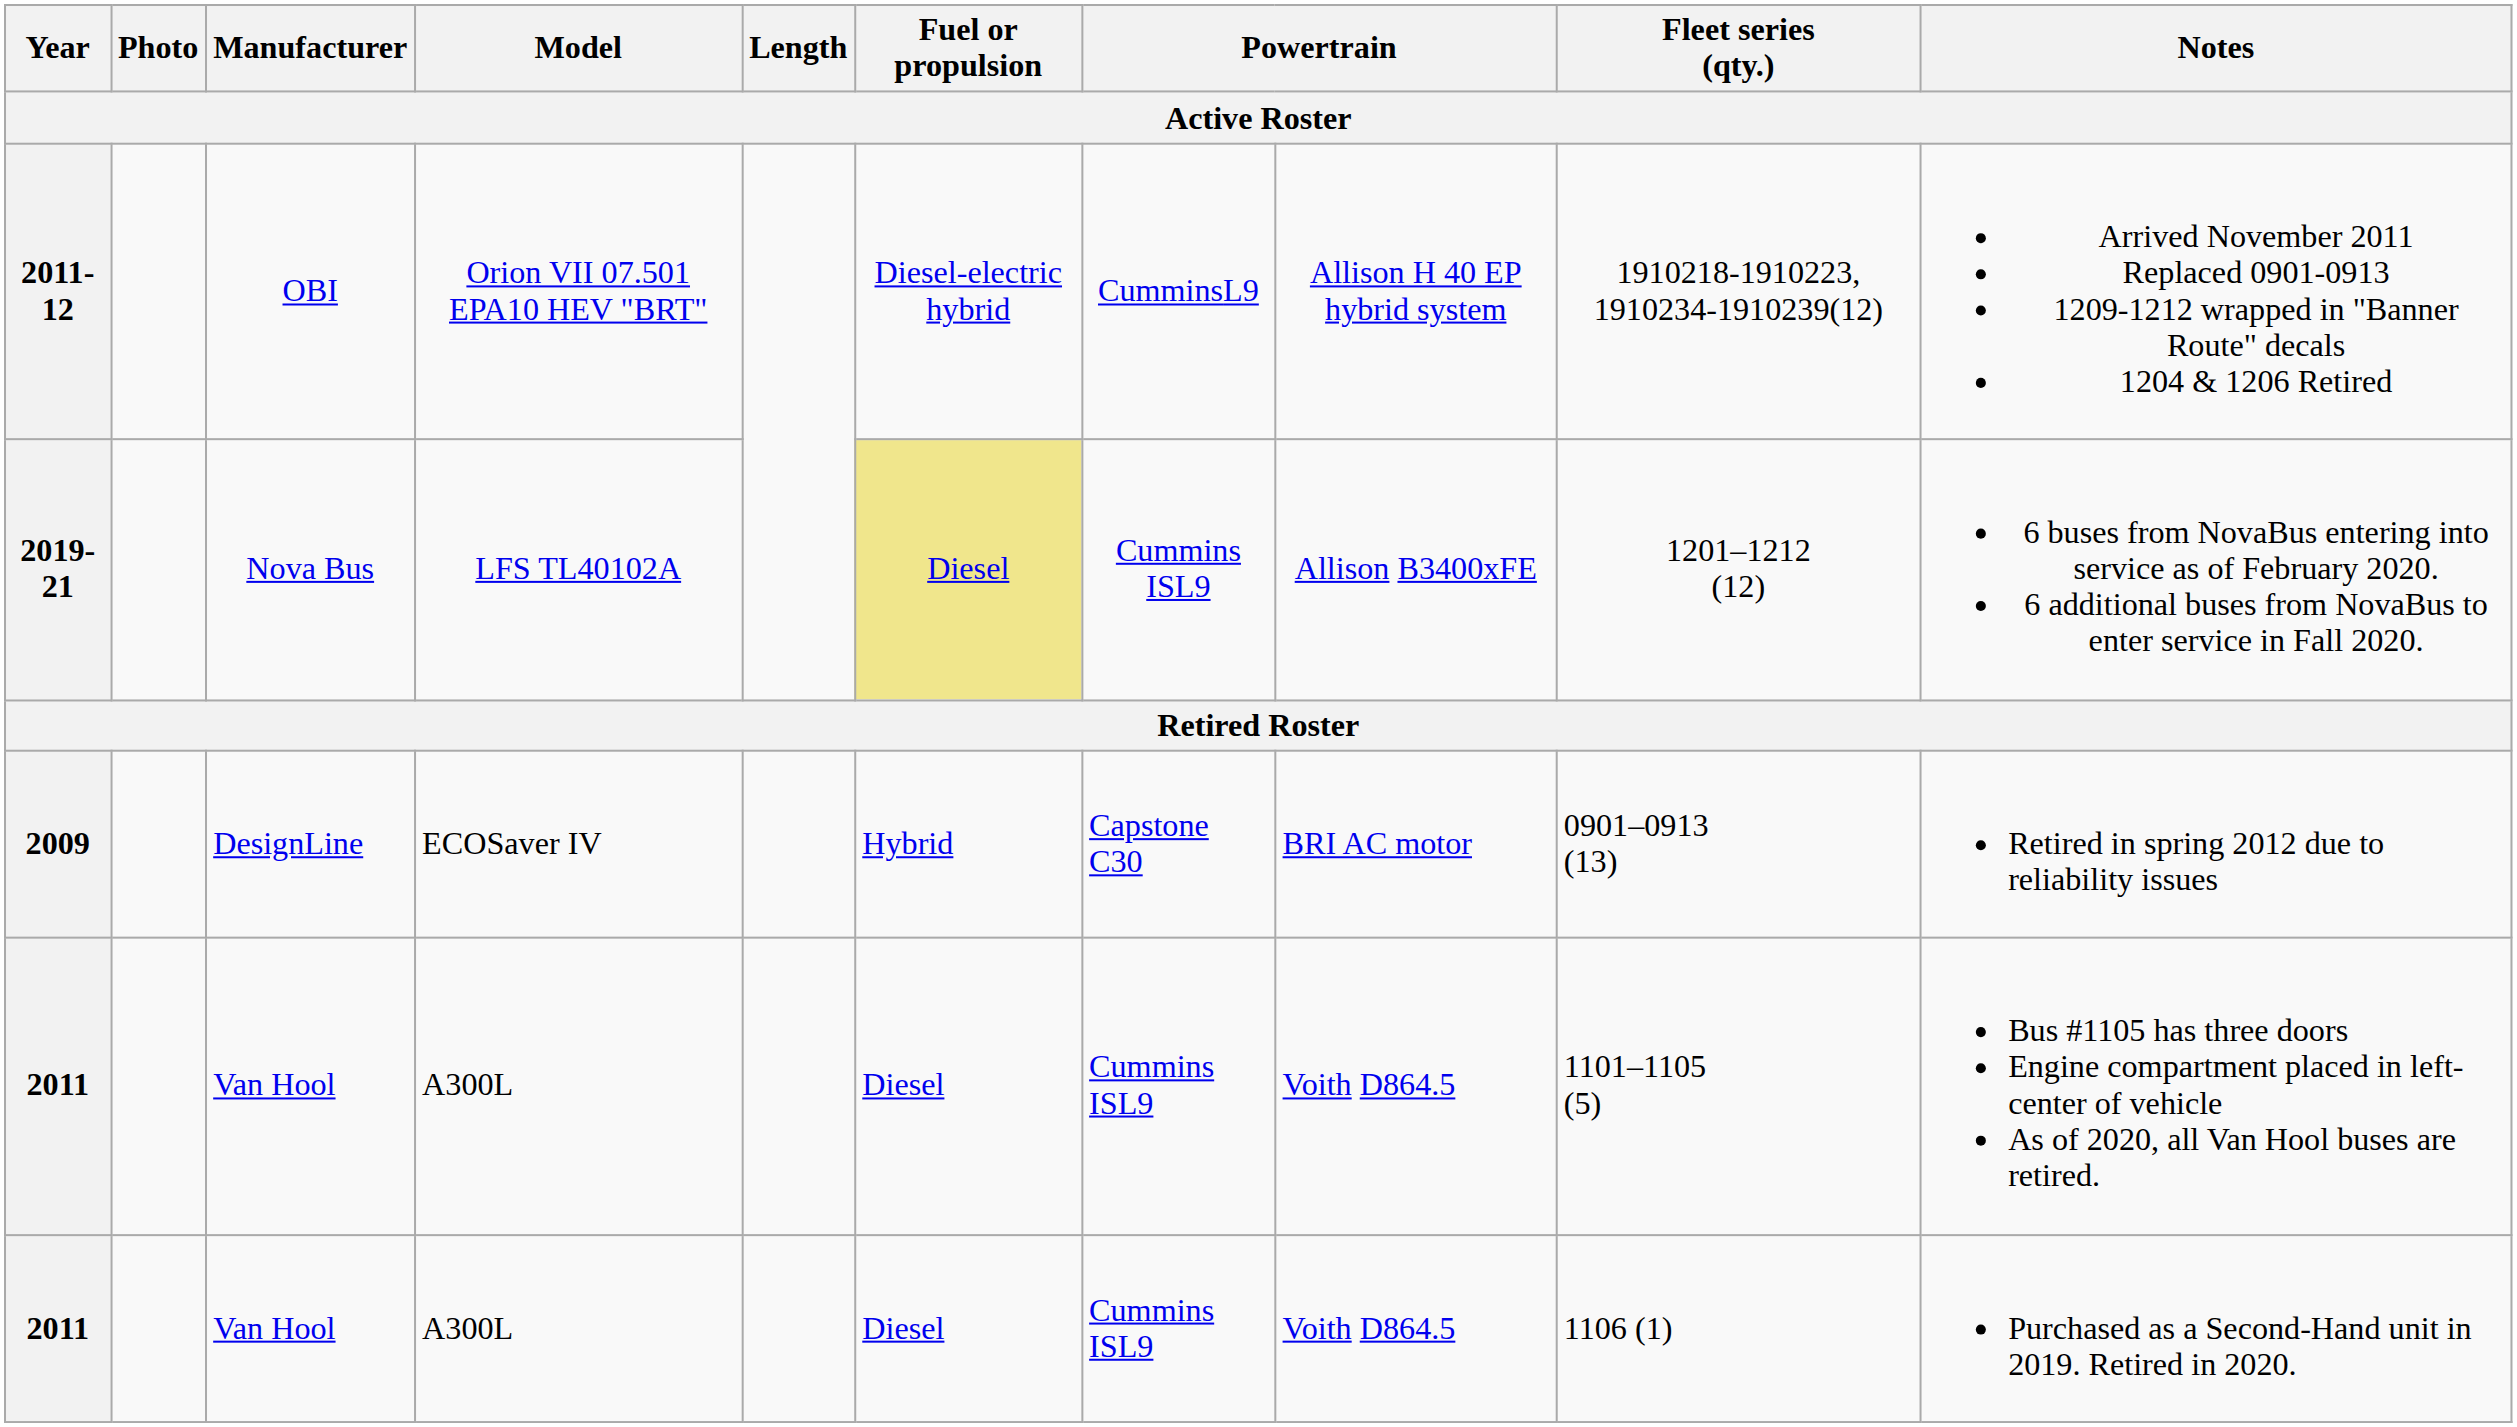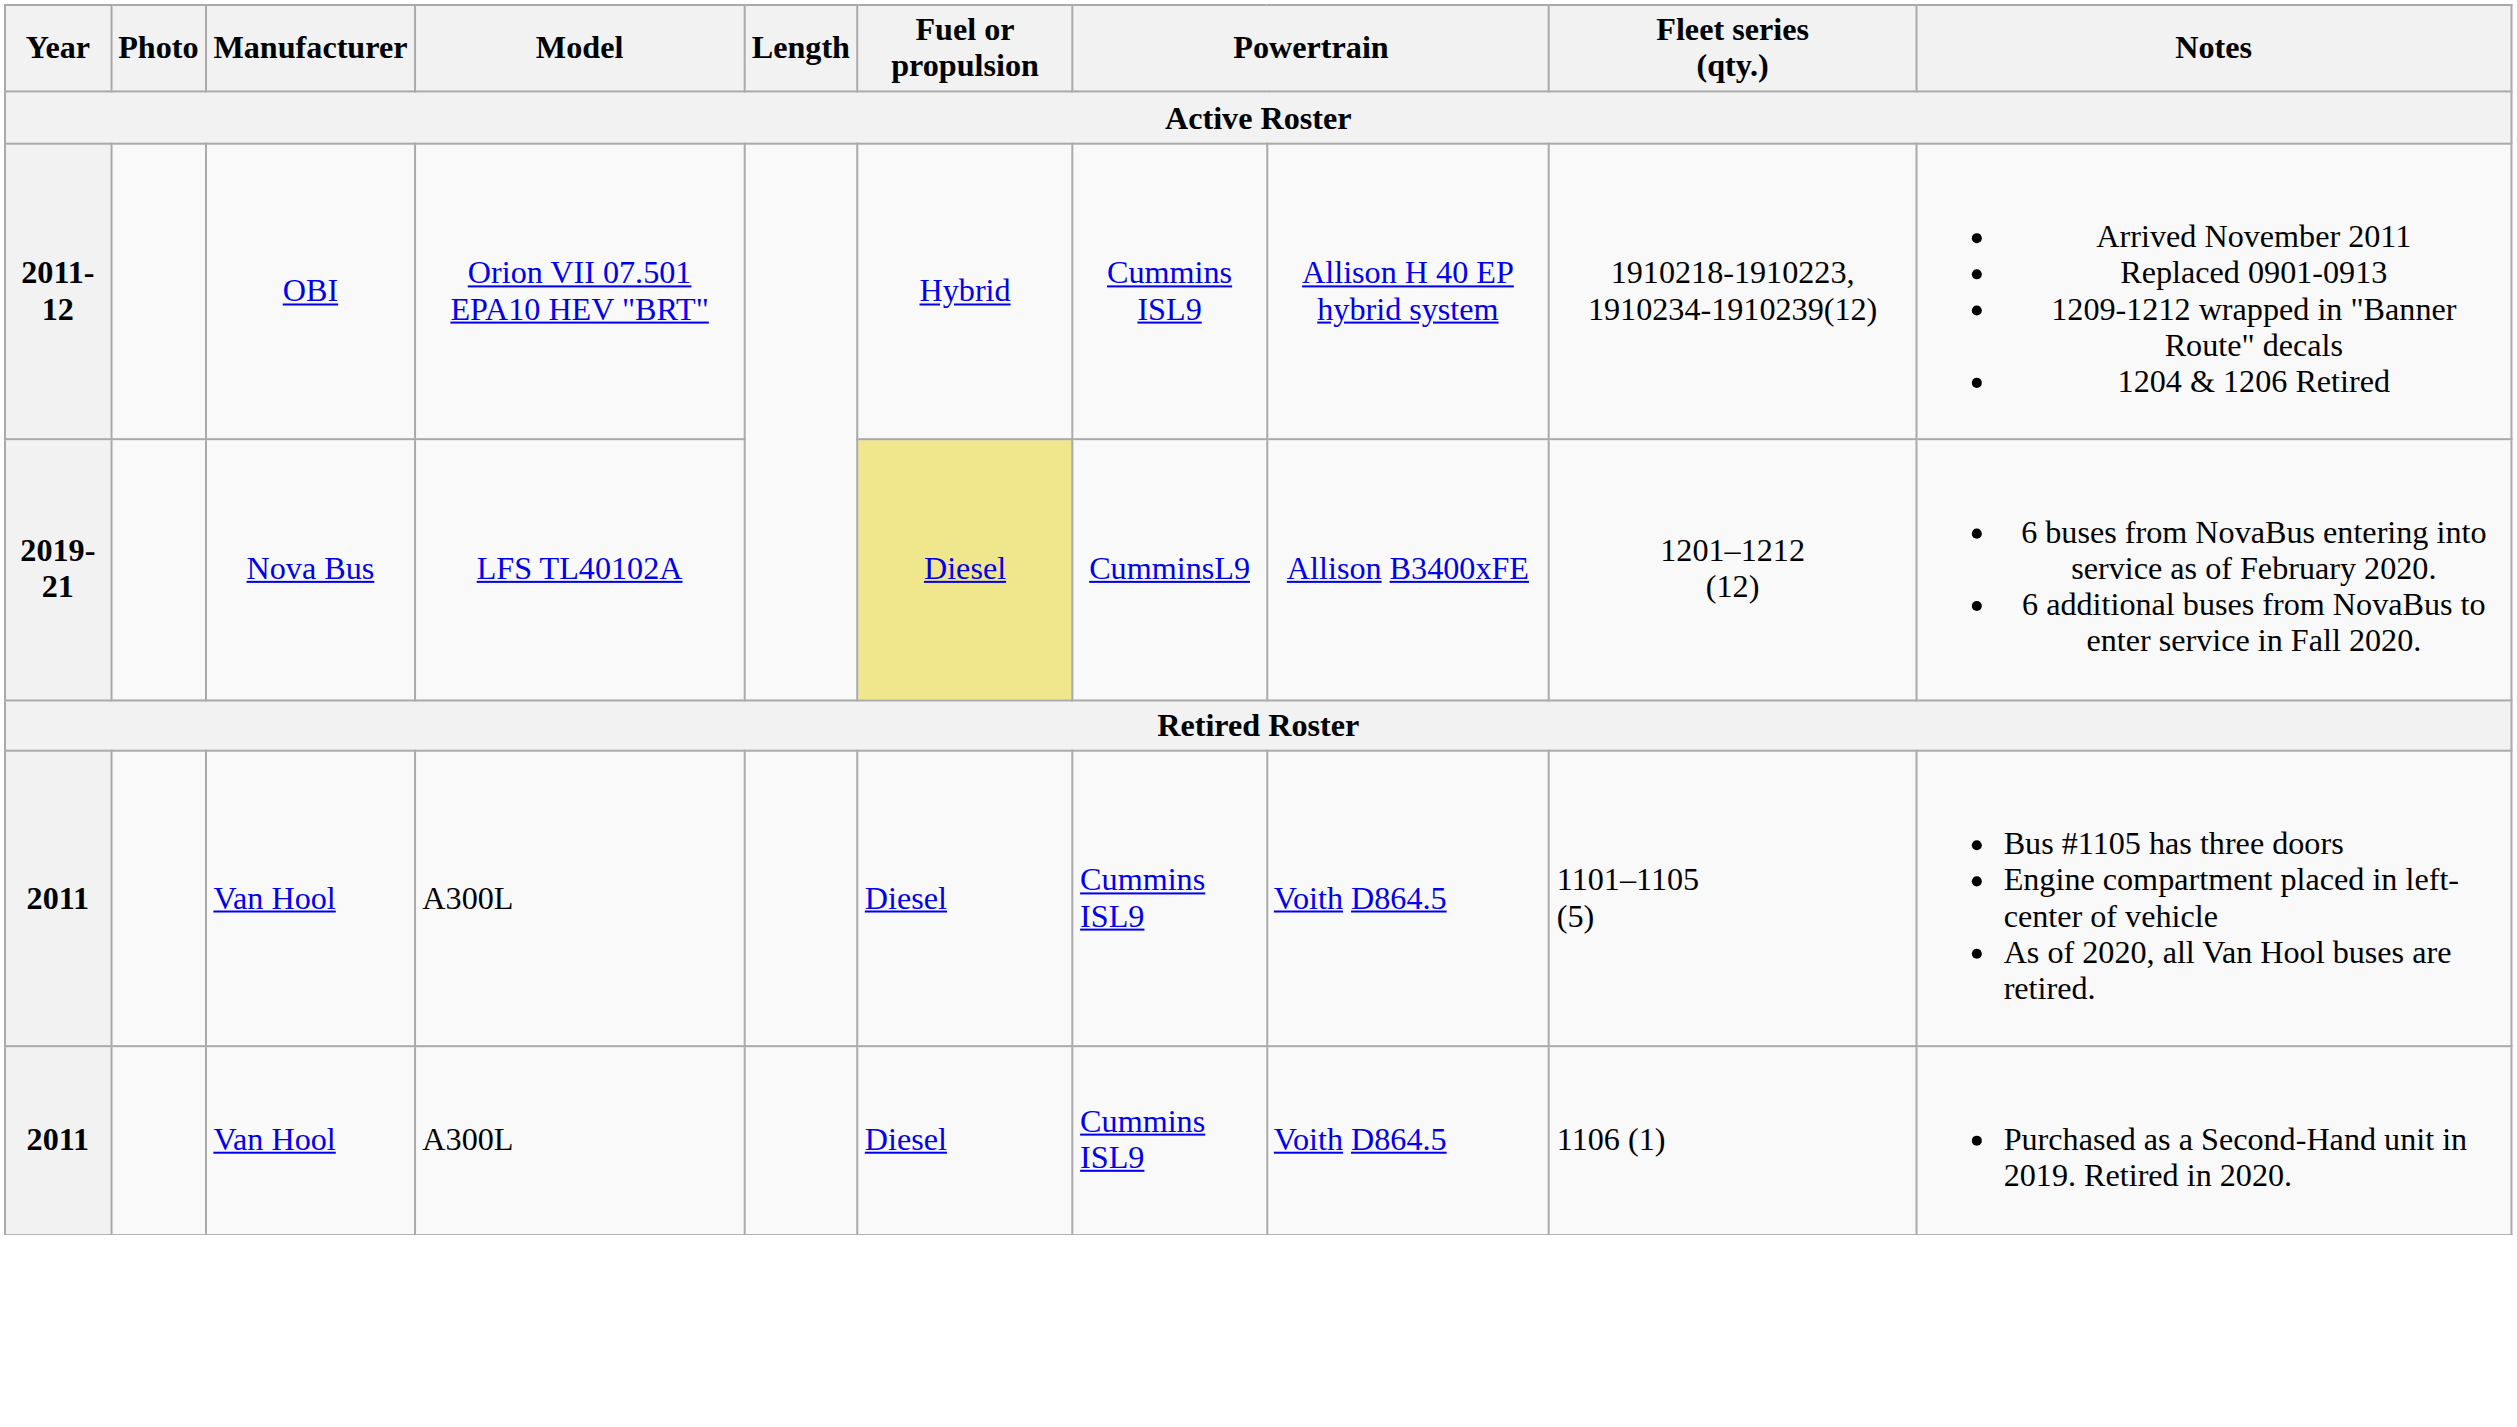 <table class="wikitable">
 <tr align="center">
 <th scope="col">Year</th>
 <th scope="col">Photo</th>
 <th scope="col">Manufacturer</th>
 <th scope="col">Model</th>
 <th scope="col">Length</th>
 <th scope="col">Fuel or propulsion</th>
 <th colspan="2" scope="col">Powertrain</th>
 <th scope="col">Fleet series<br>(qty.)</th>
 <th>Notes</th>
 </tr>
 <tr align="center">
 <th colspan="10">Active Roster</th>
 </tr>
 <tr align="center">
 <th>2011-12</th>
 <td></td>
 <td><a href='#'>OBI</a><br></td>
 <td><a href='#'>Orion VII 07.501 EPA10 HEV "BRT"</a></td>
 <td rowspan="2"></td>
-<td><a href='#'>Diesel-electric hybrid</a></td>
-<td><a href='#'>Cummins</a><a href='#'>L9</a></td>
+<td><a href='#'>Hybrid</a></td>
+<td><a href='#'>Cummins</a> <a href='#'>ISL9</a></td>
 <td><a href='#'>Allison H 40 EP hybrid system</a></td>
 <td>1910218-1910223, 1910234-1910239(12)</td>
 <td><br><ul><li>Arrived November 2011</li><li>Replaced 0901-0913</li><li>1209-1212 wrapped in "Banner Route" decals</li><li>1204 & 1206 Retired</li></ul></td>
 </tr>
 <tr align="center">
 <th>2019-21</th>
 <td></td>
 <td><a href='#'>Nova Bus</a></td>
 <td><a href='#'>LFS TL40102A</a></td>
 <td style="background: khaki;"><a href='#'>Diesel</a></td>
-<td><a href='#'>Cummins</a> <a href='#'>ISL9</a></td>
+<td><a href='#'>Cummins</a><a href='#'>L9</a></td>
 <td><a href='#'>Allison</a> <a href='#'>B3400xFE</a></td>
 <td>1201–1212<br>(12)</td>
 <td><br><ul><li>6 buses from NovaBus entering into service as of February 2020.</li><li>6 additional buses from NovaBus to enter service in Fall 2020.</li></ul></td>
 </tr>
 <tr align="center">
 <th colspan="10">Retired Roster</th>
-</tr>
-<tr>
-<th scope="row">2009</th>
-<td></td>
-<td><a href='#'>DesignLine</a></td>
-<td>ECOSaver IV</td>
-<td></td>
-<td><a href='#'>Hybrid</a></td>
-<td><a href='#'>Capstone C30</a></td>
-<td><a href='#'>BRI AC motor</a></td>
-<td>0901–0913<br>(13)</td>
-<td><br><ul><li>Retired in spring 2012 due to reliability issues</li></ul></td>
 </tr>
 <tr>
 <th>2011</th>
 <td></td>
 <td><a href='#'>Van Hool</a></td>
 <td>A300L</td>
 <td></td>
 <td><a href='#'>Diesel</a></td>
 <td><a href='#'>Cummins</a> <a href='#'>ISL9</a></td>
 <td><a href='#'>Voith</a> <a href='#'>D864.5</a></td>
 <td>1101–1105<br>(5)</td>
 <td><br><ul><li>Bus #1105 has three doors</li><li>Engine compartment placed in left-center of vehicle</li><li>As of 2020, all Van Hool buses are retired.</li></ul></td>
 </tr>
 <tr>
 <th>2011</th>
 <td></td>
 <td><a href='#'>Van Hool</a></td>
 <td>A300L</td>
 <td></td>
 <td><a href='#'>Diesel</a></td>
 <td><a href='#'>Cummins</a> <a href='#'>ISL9</a></td>
 <td><a href='#'>Voith</a> <a href='#'>D864.5</a></td>
 <td>1106 (1)</td>
 <td><br><ul><li>Purchased as a Second-Hand unit in 2019. Retired in 2020.</li></ul></td>
 </tr>
 </table>
